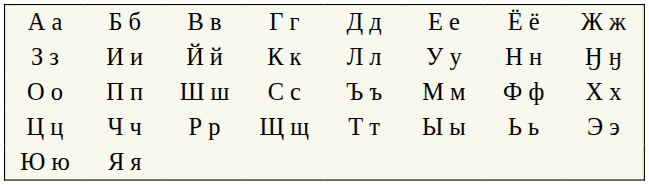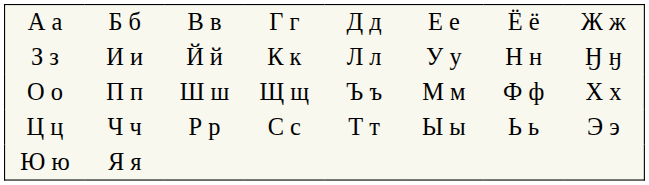 <table style="font-family:Arial Unicode MS; font-size:1.4em; border-color:#000000; border-width:1px; border-style:solid; border-collapse:collapse; background-color:#F8F8EF">
 <tr>
 <td style="width:3em; text-align:center; padding: 3px;">А а</td>
 <td style="width:3em; text-align:center; padding: 3px;">Б б</td>
 <td style="width:3em; text-align:center; padding: 3px;">В в</td>
 <td style="width:3em; text-align:center; padding: 3px;">Г г</td>
 <td style="width:3em; text-align:center; padding: 3px;">Д д</td>
 <td style="width:3em; text-align:center; padding: 3px;">Е е</td>
 <td style="width:3em; text-align:center; padding: 3px;">Ё ё</td>
 <td style="width:3em; text-align:center; padding: 3px;">Ж ж</td>
 </tr>
 <tr>
 <td style="width:3em; text-align:center; padding: 3px;">З з</td>
 <td style="width:3em; text-align:center; padding: 3px;">И и</td>
 <td style="width:3em; text-align:center; padding: 3px;">Й й</td>
 <td style="width:3em; text-align:center; padding: 3px;">К к</td>
 <td style="width:3em; text-align:center; padding: 3px;">Л л</td>
 <td style="width:3em; text-align:center; padding: 3px;">У у</td>
 <td style="width:3em; text-align:center; padding: 3px;">Н н</td>
 <td style="width:3em; text-align:center; padding: 3px;">Ӈ ӈ</td>
 </tr>
 <tr>
 <td style="width:3em; text-align:center; padding: 3px;">О о</td>
 <td style="width:3em; text-align:center; padding: 3px;">П п</td>
 <td style="width:3em; text-align:center; padding: 3px;">Ш ш</td>
-<td style="width:3em; text-align:center; padding: 3px;">С с</td>
+<td style="width:3em; text-align:center; padding: 3px;">Щ щ</td>
 <td style="width:3em; text-align:center; padding: 3px;">Ъ ъ</td>
 <td style="width:3em; text-align:center; padding: 3px;">М м</td>
 <td style="width:3em; text-align:center; padding: 3px;">Ф ф</td>
 <td style="width:3em; text-align:center; padding: 3px;">Х х</td>
 </tr>
 <tr>
 <td style="width:3em; text-align:center; padding: 3px;">Ц ц</td>
 <td style="width:3em; text-align:center; padding: 3px;">Ч ч</td>
 <td style="width:3em; text-align:center; padding: 3px;">Р р</td>
-<td style="width:3em; text-align:center; padding: 3px;">Щ щ</td>
+<td style="width:3em; text-align:center; padding: 3px;">С с</td>
 <td style="width:3em; text-align:center; padding: 3px;">Т т</td>
 <td style="width:3em; text-align:center; padding: 3px;">Ы ы</td>
 <td style="width:3em; text-align:center; padding: 3px;">Ь ь</td>
 <td style="width:3em; text-align:center; padding: 3px;">Э э</td>
 </tr>
 <tr>
 <td style="width:3em; text-align:center; padding: 3px;">Ю ю</td>
 <td style="width:3em; text-align:center; padding: 3px;">Я я</td>
 <td></td>
 <td></td>
 <td></td>
 <td></td>
 <td></td>
 <td></td>
 </tr>
 </table>
